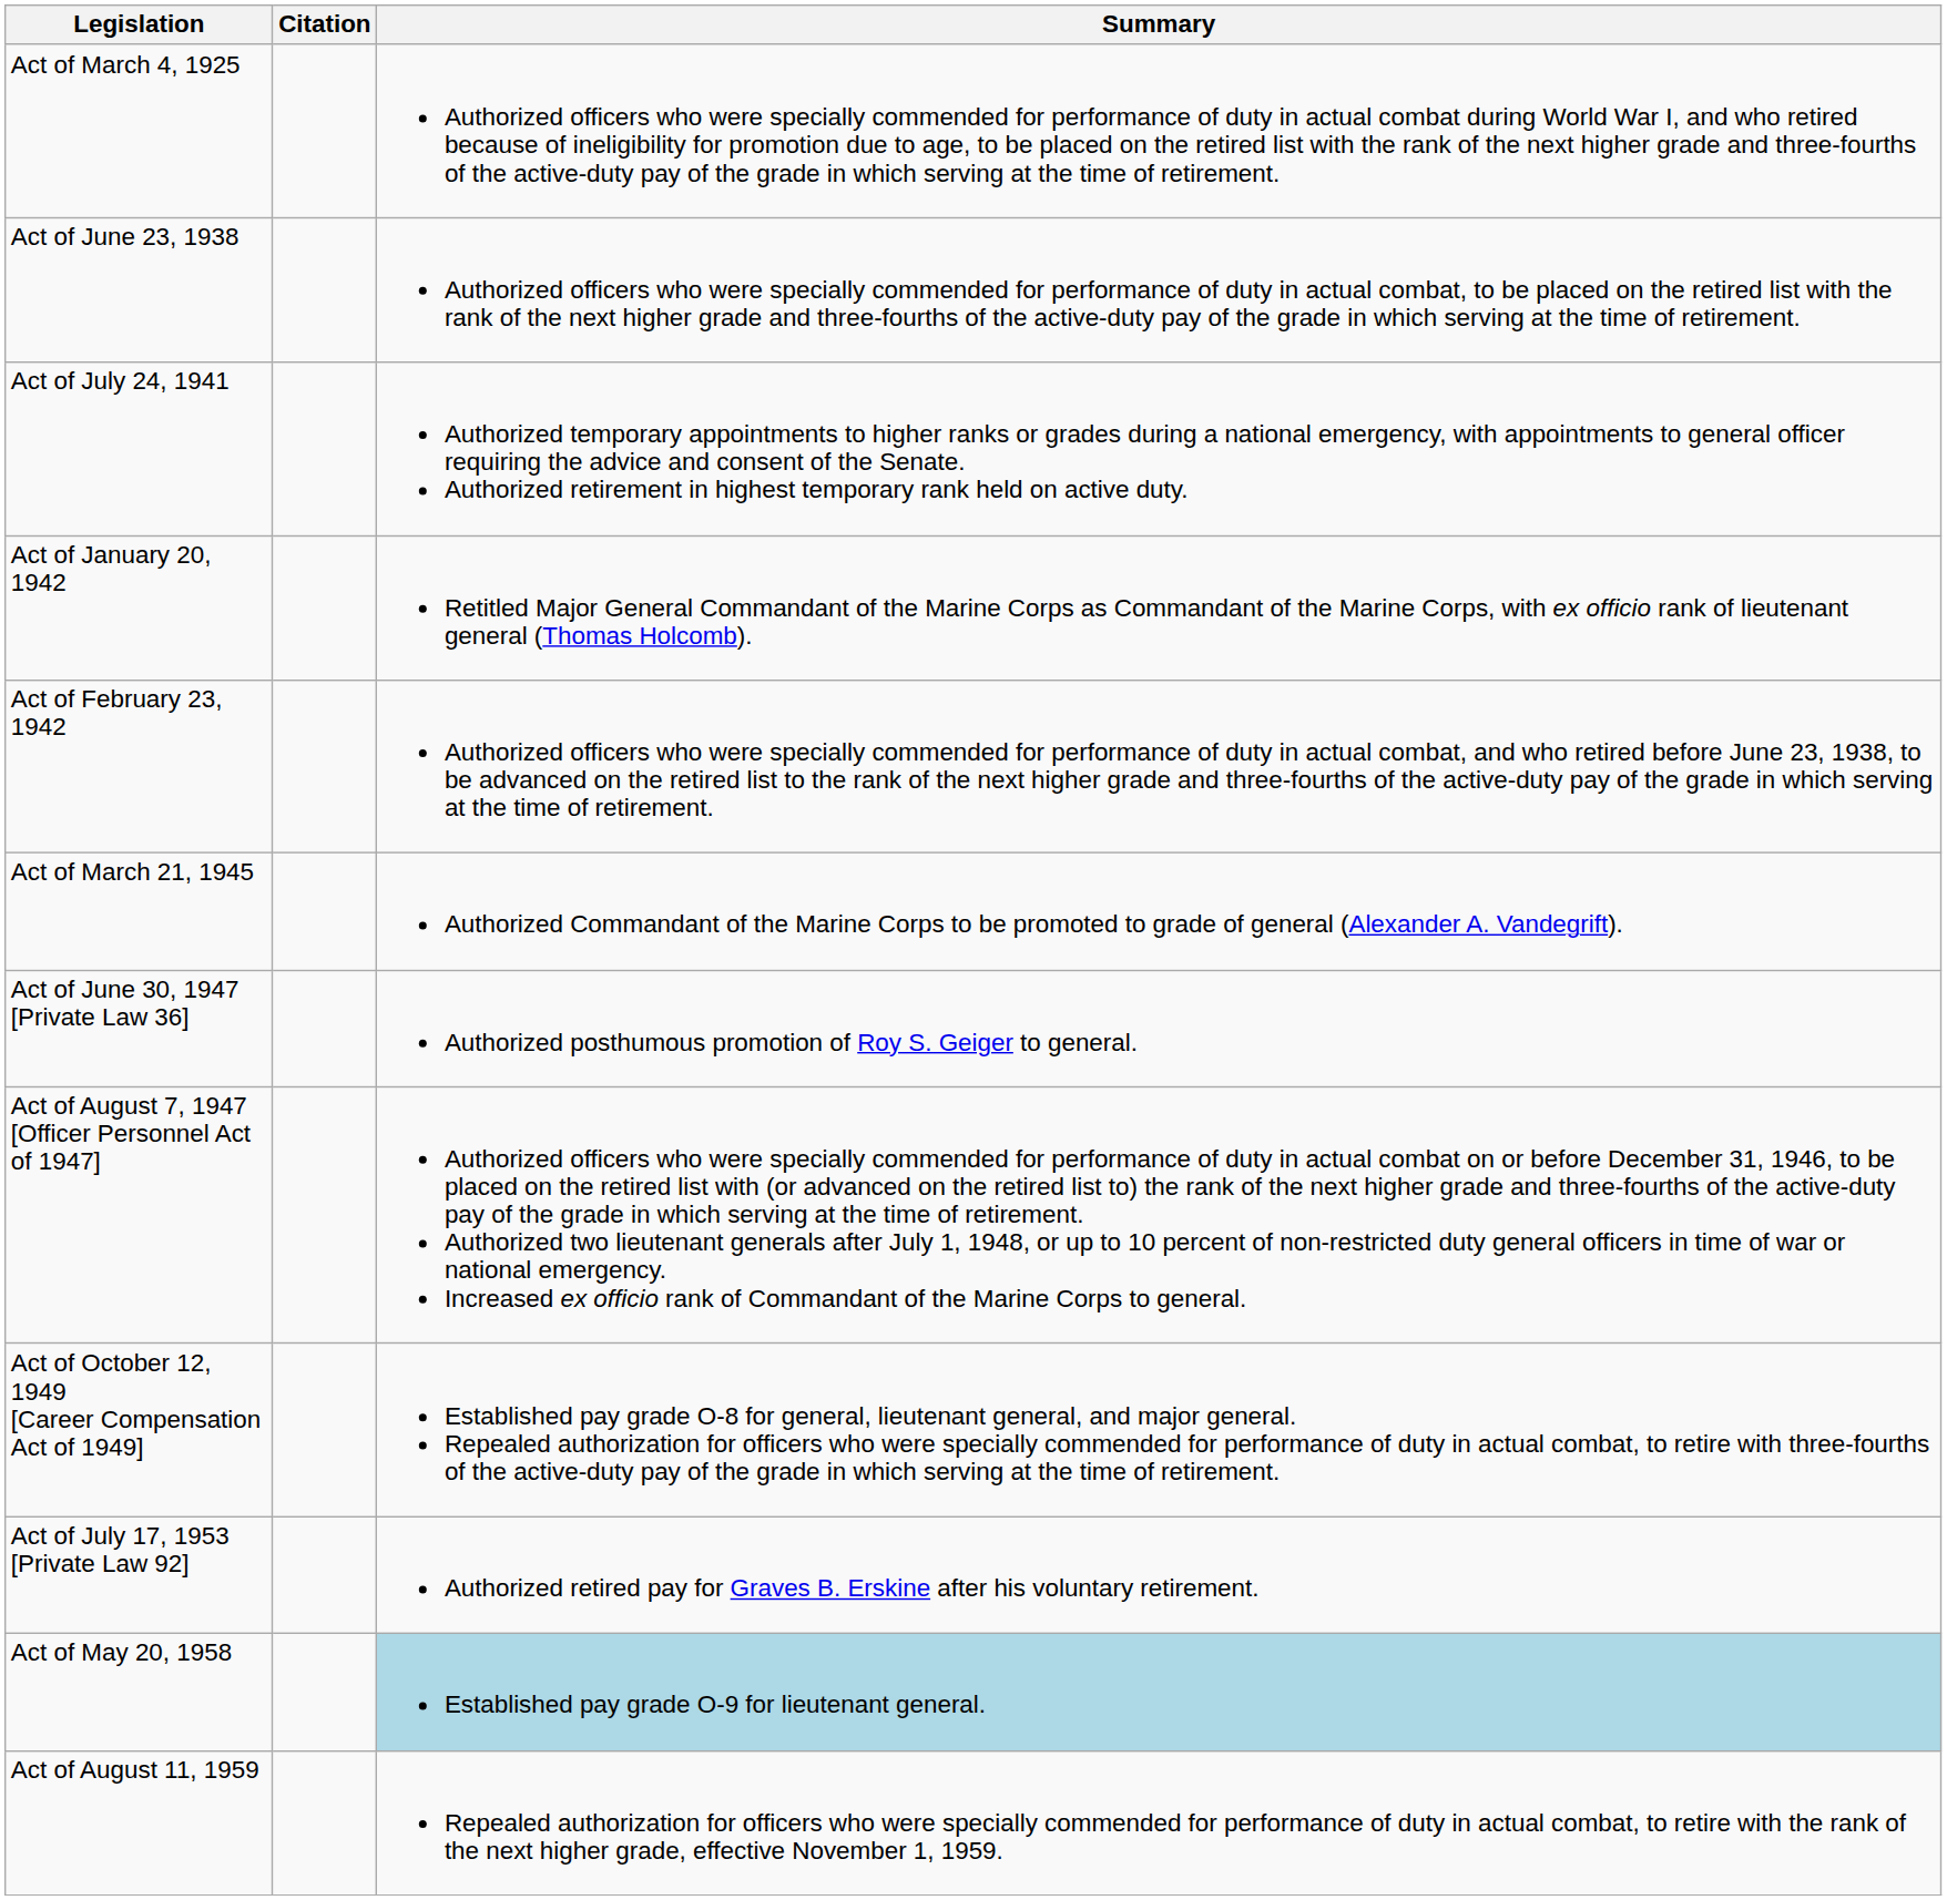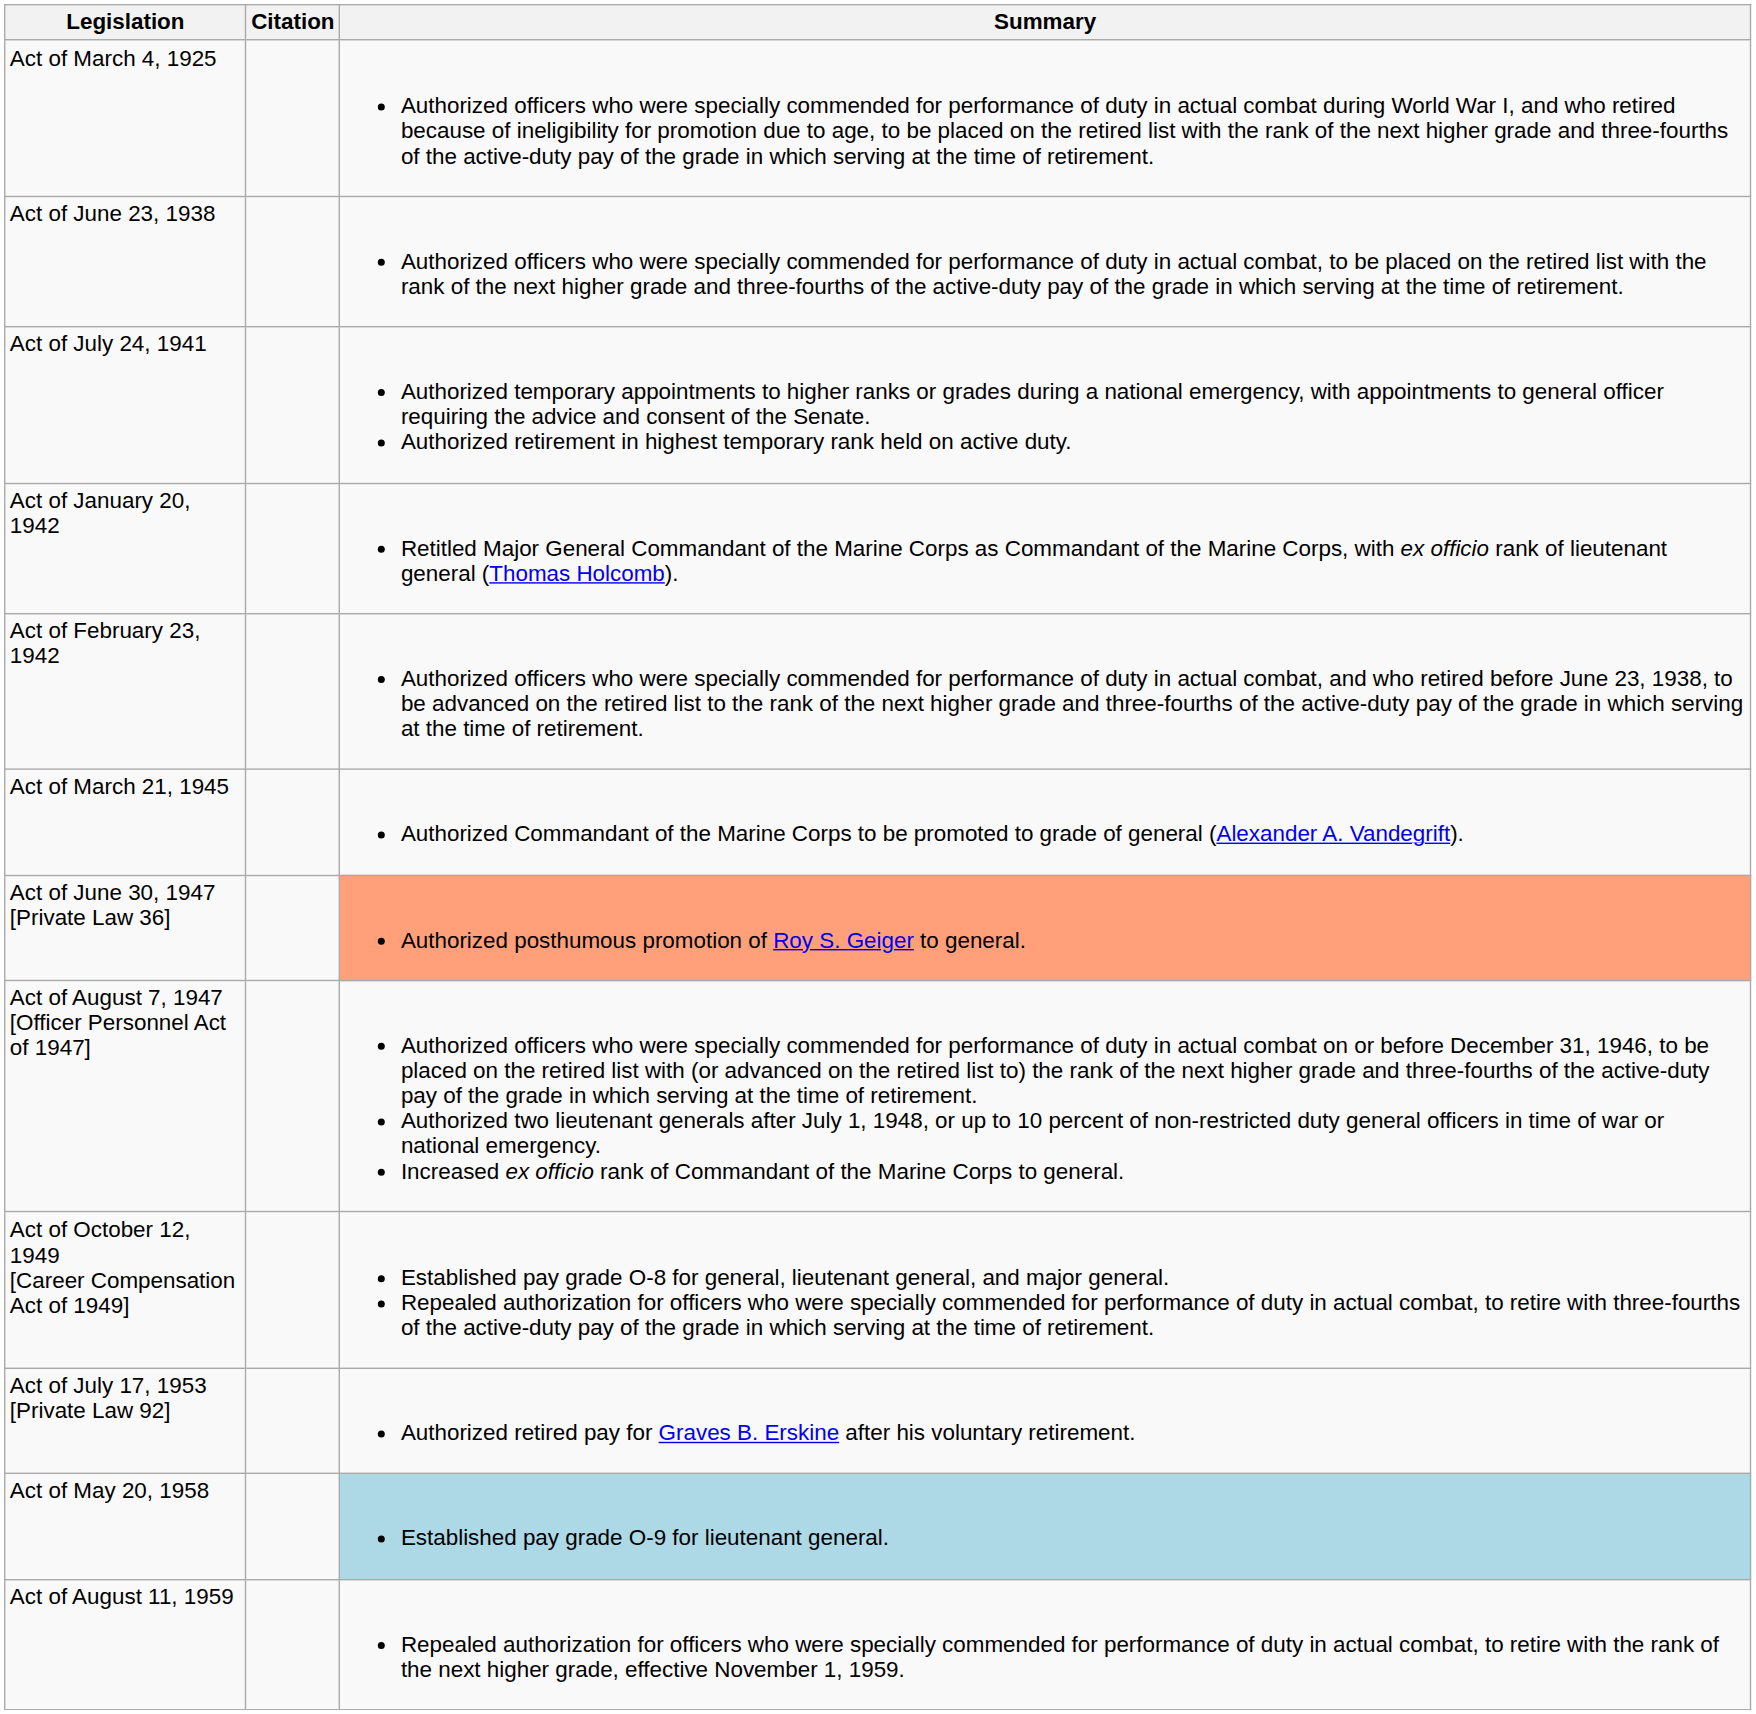 <table class="wikitable">
 <tr>
 <th width = 165>Legislation</th>
 <th>Citation</th>
 <th>Summary</th>
 </tr>
 <tr valign=top>
 <td>Act of March 4, 1925</td>
 <td> </td>
 <td><br><ul><li>Authorized officers who were specially commended for performance of duty in actual combat during World War I, and who retired because of ineligibility for promotion due to age, to be placed on the retired list with the rank of the next higher grade and three-fourths of the active-duty pay of the grade in which serving at the time of retirement.</li></ul></td>
 </tr>
 <tr valign=top>
 <td>Act of June 23, 1938</td>
 <td> </td>
 <td><br><ul><li>Authorized officers who were specially commended for performance of duty in actual combat, to be placed on the retired list with the rank of the next higher grade and three-fourths of the active-duty pay of the grade in which serving at the time of retirement.</li></ul></td>
 </tr>
 <tr valign=top>
 <td>Act of July 24, 1941</td>
 <td> </td>
 <td><br><ul><li>Authorized temporary appointments to higher ranks or grades during a national emergency, with appointments to general officer requiring the advice and consent of the Senate.</li><li>Authorized retirement in highest temporary rank held on active duty.</li></ul></td>
 </tr>
 <tr valign=top>
 <td>Act of January 20, 1942</td>
 <td> </td>
 <td><br><ul><li>Retitled Major General Commandant of the Marine Corps as Commandant of the Marine Corps, with <em>ex officio</em> rank of lieutenant general (<a href='#'>Thomas Holcomb</a>).</li></ul></td>
 </tr>
 <tr valign=top>
 <td>Act of February 23, 1942</td>
 <td> </td>
 <td><br><ul><li>Authorized officers who were specially commended for performance of duty in actual combat, and who retired before June 23, 1938, to be advanced on the retired list to the rank of the next higher grade and three-fourths of the active-duty pay of the grade in which serving at the time of retirement.</li></ul></td>
 </tr>
 <tr valign=top>
 <td>Act of March 21, 1945</td>
 <td> </td>
 <td><br><ul><li>Authorized Commandant of the Marine Corps to be promoted to grade of general (<a href='#'>Alexander A. Vandegrift</a>).</li></ul></td>
 </tr>
 <tr valign=top>
 <td>Act of June 30, 1947<br>[Private Law 36]</td>
 <td> </td>
-<td><br><ul><li>Authorized posthumous promotion of <a href='#'>Roy S. Geiger</a> to general.</li></ul></td>
+<td style="background: lightsalmon;"><br><ul><li>Authorized posthumous promotion of <a href='#'>Roy S. Geiger</a> to general.</li></ul></td>
 </tr>
 <tr valign=top>
 <td>Act of August 7, 1947<br>[Officer Personnel Act of 1947]</td>
 <td> <br> <br> </td>
 <td><br><ul><li>Authorized officers who were specially commended for performance of duty in actual combat on or before December 31, 1946, to be placed on the retired list with (or advanced on the retired list to) the rank of the next higher grade and three-fourths of the active-duty pay of the grade in which serving at the time of retirement.</li><li>Authorized two lieutenant generals after July 1, 1948, or up to 10 percent of non-restricted duty general officers in time of war or national emergency.</li><li>Increased <em>ex officio</em> rank of Commandant of the Marine Corps to general.</li></ul></td>
 </tr>
 <tr valign=top>
 <td>Act of October 12, 1949<br>[Career Compensation Act of 1949]</td>
 <td> <br> </td>
 <td><br><ul><li>Established pay grade O-8 for general, lieutenant general, and major general.</li><li>Repealed authorization for officers who were specially commended for performance of duty in actual combat, to retire with three-fourths of the active-duty pay of the grade in which serving at the time of retirement.</li></ul></td>
 </tr>
 <tr valign=top>
 <td>Act of July 17, 1953<br>[Private Law 92]</td>
 <td> </td>
 <td><br><ul><li>Authorized retired pay for <a href='#'>Graves B. Erskine</a> after his voluntary retirement.</li></ul></td>
 </tr>
 <tr valign=top>
 <td>Act of May 20, 1958</td>
 <td> </td>
 <td style="background: lightblue;"><br><ul><li>Established pay grade O-9 for lieutenant general.</li></ul></td>
 </tr>
 <tr valign=top>
 <td>Act of August 11, 1959</td>
 <td> </td>
 <td><br><ul><li>Repealed authorization for officers who were specially commended for performance of duty in actual combat, to retire with the rank of the next higher grade, effective November 1, 1959.</li></ul></td>
 </tr>
 <tr>
 </tr>
 </table>
